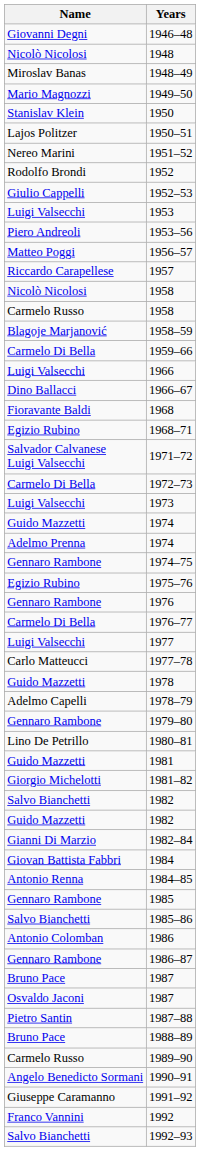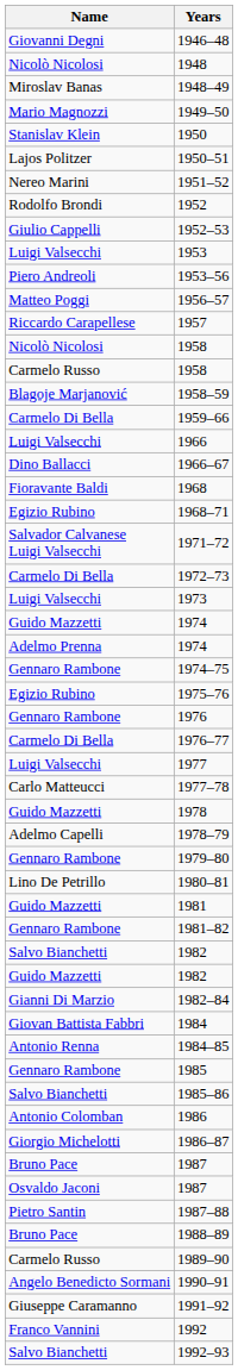 <table class="wikitable" style="text-align: center">
 <tr>
 <th rowspan="1">Name</th>
 <th rowspan="1">Years</th>
 </tr>
 <tr>
 <td align=left><a href='#'>Giovanni Degni</a></td>
 <td align=left>1946–48</td>
 </tr>
 <tr>
 <td align=left><a href='#'>Nicolò Nicolosi</a></td>
 <td align=left>1948</td>
 </tr>
 <tr>
 <td align=left>Miroslav Banas</td>
 <td align=left>1948–49</td>
 </tr>
 <tr>
 <td align=left><a href='#'>Mario Magnozzi</a></td>
 <td align=left>1949–50</td>
 </tr>
 <tr>
 <td align=left><a href='#'>Stanislav Klein</a></td>
 <td align=left>1950</td>
 </tr>
 <tr>
 <td align=left>Lajos Politzer</td>
 <td align=left>1950–51</td>
 </tr>
 <tr>
 <td align=left>Nereo Marini</td>
 <td align=left>1951–52</td>
 </tr>
 <tr>
 <td align=left>Rodolfo Brondi</td>
 <td align=left>1952</td>
 </tr>
 <tr>
 <td align=left><a href='#'>Giulio Cappelli</a></td>
 <td align=left>1952–53</td>
 </tr>
 <tr>
 <td align=left><a href='#'>Luigi Valsecchi</a></td>
 <td align=left>1953</td>
 </tr>
 <tr>
 <td align=left><a href='#'>Piero Andreoli</a></td>
 <td align=left>1953–56</td>
 </tr>
 <tr>
 <td align=left><a href='#'>Matteo Poggi</a></td>
 <td align=left>1956–57</td>
 </tr>
 <tr>
 <td align=left><a href='#'>Riccardo Carapellese</a></td>
 <td align=left>1957</td>
 </tr>
 <tr>
 <td align=left><a href='#'>Nicolò Nicolosi</a></td>
 <td align=left>1958</td>
 </tr>
 <tr>
 <td align=left>Carmelo Russo</td>
 <td align=left>1958</td>
 </tr>
 <tr>
 <td align=left><a href='#'>Blagoje Marjanović</a></td>
 <td align=left>1958–59</td>
 </tr>
 <tr>
 <td align=left><a href='#'>Carmelo Di Bella</a></td>
 <td align=left>1959–66</td>
 </tr>
 <tr>
 <td align=left><a href='#'>Luigi Valsecchi</a></td>
 <td align=left>1966</td>
 </tr>
 <tr>
 <td align=left><a href='#'>Dino Ballacci</a></td>
 <td align=left>1966–67</td>
 </tr>
 <tr>
 <td align=left><a href='#'>Fioravante Baldi</a></td>
 <td align=left>1968</td>
 </tr>
 <tr>
 <td align=left><a href='#'>Egizio Rubino</a></td>
 <td align=left>1968–71</td>
 </tr>
 <tr>
 <td align=left><a href='#'>Salvador Calvanese</a><br><a href='#'>Luigi Valsecchi</a></td>
 <td align=left>1971–72</td>
 </tr>
 <tr>
 <td align=left><a href='#'>Carmelo Di Bella</a></td>
 <td align=left>1972–73</td>
 </tr>
 <tr>
 <td align=left><a href='#'>Luigi Valsecchi</a></td>
 <td align=left>1973</td>
 </tr>
 <tr>
 <td align=left><a href='#'>Guido Mazzetti</a></td>
 <td align=left>1974</td>
 </tr>
 <tr>
 <td align=left><a href='#'>Adelmo Prenna</a></td>
 <td align=left>1974</td>
 </tr>
 <tr>
 <td align=left><a href='#'>Gennaro Rambone</a></td>
 <td align=left>1974–75</td>
 </tr>
 <tr>
 <td align=left><a href='#'>Egizio Rubino</a></td>
 <td align=left>1975–76</td>
 </tr>
 <tr>
 <td align=left><a href='#'>Gennaro Rambone</a></td>
 <td align=left>1976</td>
 </tr>
 <tr>
 <td align=left><a href='#'>Carmelo Di Bella</a></td>
 <td align=left>1976–77</td>
 </tr>
 <tr>
 <td align=left><a href='#'>Luigi Valsecchi</a></td>
 <td align=left>1977</td>
 </tr>
 <tr>
 <td align=left>Carlo Matteucci</td>
 <td align=left>1977–78</td>
 </tr>
 <tr>
 <td align=left><a href='#'>Guido Mazzetti</a></td>
 <td align=left>1978</td>
 </tr>
 <tr>
 <td align=left>Adelmo Capelli</td>
 <td align=left>1978–79</td>
 </tr>
 <tr>
 <td align=left><a href='#'>Gennaro Rambone</a></td>
 <td align=left>1979–80</td>
 </tr>
 <tr>
 <td align=left>Lino De Petrillo</td>
 <td align=left>1980–81</td>
 </tr>
 <tr>
 <td align=left><a href='#'>Guido Mazzetti</a></td>
 <td align=left>1981</td>
 </tr>
 <tr>
-<td align=left><a href='#'>Giorgio Michelotti</a></td>
+<td align=left><a href='#'>Gennaro Rambone</a></td>
 <td align=left>1981–82</td>
 </tr>
 <tr>
 <td align=left><a href='#'>Salvo Bianchetti</a></td>
 <td align=left>1982</td>
 </tr>
 <tr>
 <td align=left><a href='#'>Guido Mazzetti</a></td>
 <td align=left>1982</td>
 </tr>
 <tr>
 <td align=left><a href='#'>Gianni Di Marzio</a></td>
 <td align=left>1982–84</td>
 </tr>
 <tr>
 <td align=left><a href='#'>Giovan Battista Fabbri</a></td>
 <td align=left>1984</td>
 </tr>
 <tr>
 <td align=left><a href='#'>Antonio Renna</a></td>
 <td align=left>1984–85</td>
 </tr>
 <tr>
 <td align=left><a href='#'>Gennaro Rambone</a></td>
 <td align=left>1985</td>
 </tr>
 <tr>
 <td align=left><a href='#'>Salvo Bianchetti</a></td>
 <td align=left>1985–86</td>
 </tr>
 <tr>
 <td align=left><a href='#'>Antonio Colomban</a></td>
 <td align=left>1986</td>
 </tr>
 <tr>
-<td align=left><a href='#'>Gennaro Rambone</a></td>
+<td align=left><a href='#'>Giorgio Michelotti</a></td>
 <td align=left>1986–87</td>
 </tr>
 <tr>
 <td align=left><a href='#'>Bruno Pace</a></td>
 <td align=left>1987</td>
 </tr>
 <tr>
 <td align=left><a href='#'>Osvaldo Jaconi</a></td>
 <td align=left>1987</td>
 </tr>
 <tr>
 <td align=left><a href='#'>Pietro Santin</a></td>
 <td align=left>1987–88</td>
 </tr>
 <tr>
 <td align=left><a href='#'>Bruno Pace</a></td>
 <td align=left>1988–89</td>
 </tr>
 <tr>
 <td align=left>Carmelo Russo</td>
 <td align=left>1989–90</td>
 </tr>
 <tr>
 <td align=left><a href='#'>Angelo Benedicto Sormani</a></td>
 <td align=left>1990–91</td>
 </tr>
 <tr>
 <td align=left>Giuseppe Caramanno</td>
 <td align=left>1991–92</td>
 </tr>
 <tr>
 <td align=left><a href='#'>Franco Vannini</a></td>
 <td align=left>1992</td>
 </tr>
 <tr>
 <td align=left><a href='#'>Salvo Bianchetti</a></td>
 <td align=left>1992–93</td>
 </tr>
 </table>
